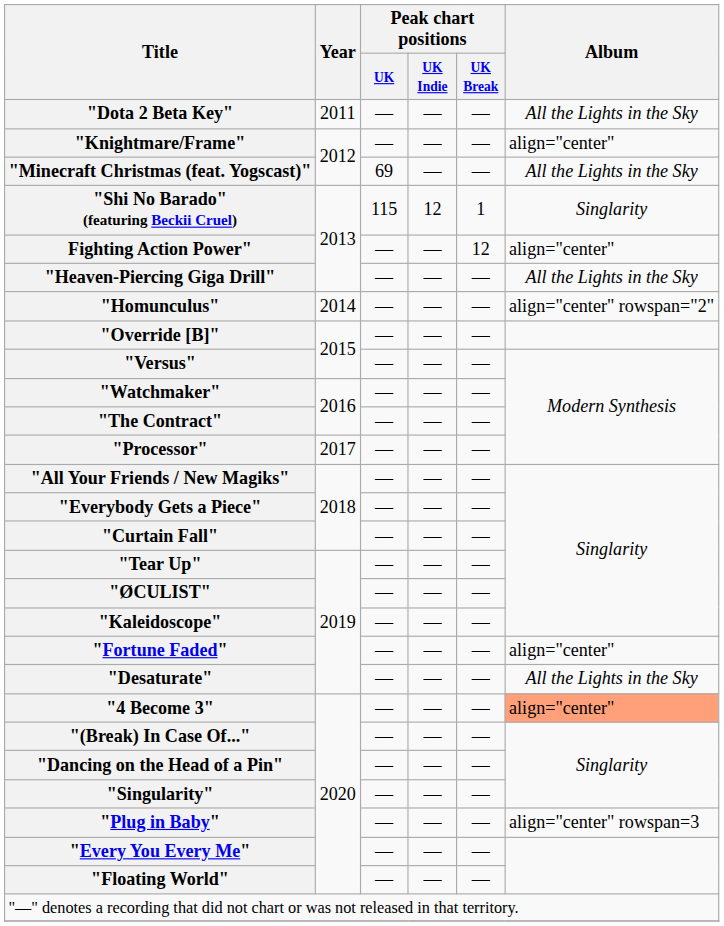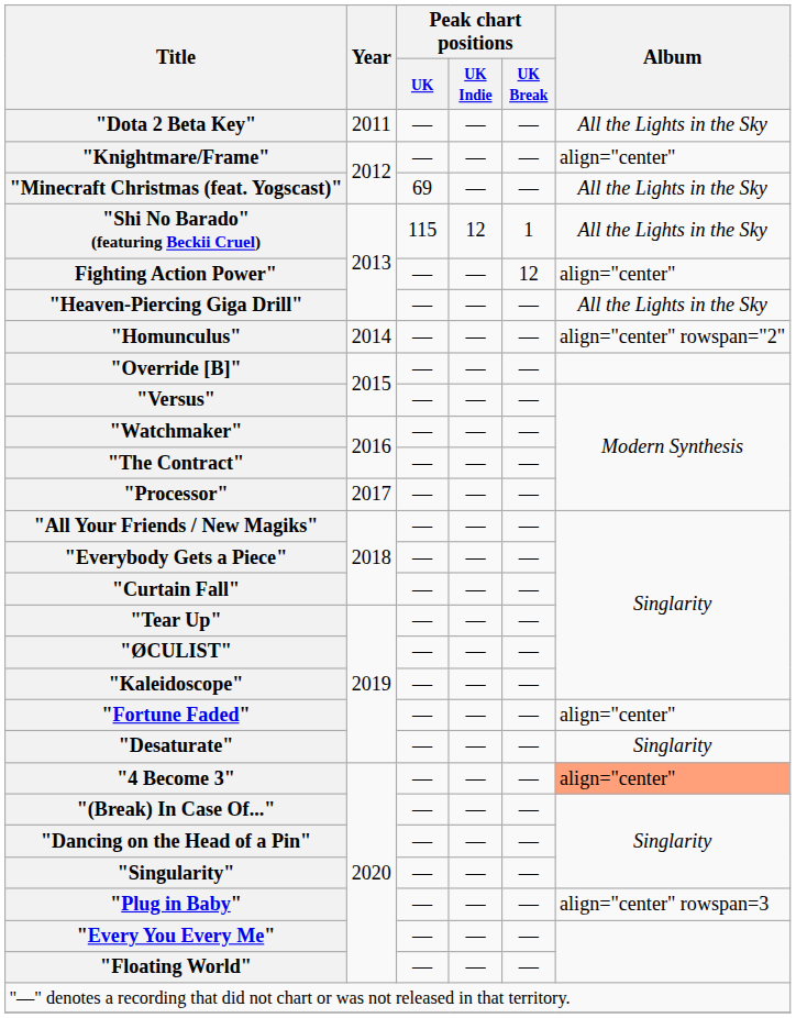 <table class="wikitable plainrowheaders">
 <tr>
 <th rowspan="2">Title</th>
 <th rowspan="2" style="width:1em;">Year</th>
 <th colspan="3">Peak chart positions</th>
 <th rowspan="2">Album</th>
 </tr>
 <tr>
 <th scope="col" style="width:2.5em;font-size:90%;"><small><a href='#'>UK</a></small><br></th>
 <th scope="col" style="width:2.5em;font-size:90%;"><small><a href='#'>UK<br>Indie</a></small></th>
 <th scope="col" style="width:2.5em;font-size:90%;"><small><a href='#'>UK<br>Break</a><br></small></th>
 </tr>
 <tr>
 <th scope="row">"Dota 2 Beta Key"</th>
 <td align="center">2011</td>
 <td align="center">—</td>
 <td align="center">—</td>
 <td align="center">—</td>
 <td align="center"><em>All the Lights in the Sky</em></td>
 </tr>
 <tr>
 <th scope="row">"Knightmare/Frame"</th>
 <td align="center" rowspan="2">2012</td>
 <td align="center">—</td>
 <td align="center">—</td>
 <td align="center">—</td>
 <td>align="center" </td>
 </tr>
 <tr>
 <th scope="row">"Minecraft Christmas (feat. Yogscast)"</th>
 <td align="center">69</td>
 <td align="center">—</td>
 <td align="center">—</td>
 <td align="center" rowspan="1"><em>All the Lights in the Sky</em></td>
 </tr>
 <tr>
 <th scope="row">"Shi No Barado"<br><small>(featuring <a href='#'>Beckii Cruel</a>)</small></th>
 <td align="center" rowspan="3">2013</td>
 <td align="center">115</td>
 <td align="center">12</td>
 <td align="center">1</td>
-<td align="center"><em>Singlarity</em></td>
+<td align="center"><em>All the Lights in the Sky</em></td>
 </tr>
 <tr>
 <th scope="row"> Fighting Action Power"</th>
 <td align="center">—</td>
 <td align="center">—</td>
 <td align="center">12</td>
 <td>align="center" </td>
 </tr>
 <tr>
 <th scope="row">"Heaven-Piercing Giga Drill"</th>
 <td align="center">—</td>
 <td align="center">—</td>
 <td align="center">—</td>
 <td align="center"><em>All the Lights in the Sky</em></td>
 </tr>
 <tr>
 <th scope="row">"Homunculus"</th>
 <td>2014</td>
 <td align="center">—</td>
 <td align="center">—</td>
 <td align="center">—</td>
 <td>align="center" rowspan="2"</td>
 </tr>
 <tr>
 <th scope="row">"Override [B]"</th>
 <td align="center" rowspan="2">2015</td>
 <td align="center">—</td>
 <td align="center">—</td>
 <td align="center">—</td>
 </tr>
 <tr>
 <th scope="row">"Versus"</th>
 <td align="center">—</td>
 <td align="center">—</td>
 <td align="center">—</td>
 <td align="center" rowspan="4"><em>Modern Synthesis</em></td>
 </tr>
 <tr>
 <th scope="row">"Watchmaker"</th>
 <td align="center" rowspan="2">2016</td>
 <td align="center">—</td>
 <td align="center">—</td>
 <td align="center">—</td>
 </tr>
 <tr>
 <th scope="row">"The Contract"</th>
 <td align="center">—</td>
 <td align="center">—</td>
 <td align="center">—</td>
 </tr>
 <tr>
 <th scope="row">"Processor"</th>
 <td align="center" rowspan="1">2017</td>
 <td align="center">—</td>
 <td align="center">—</td>
 <td align="center">—</td>
 </tr>
 <tr>
 <th scope="row">"All Your Friends / New Magiks"</th>
 <td align="center" rowspan="3">2018</td>
 <td align="center">—</td>
 <td align="center">—</td>
 <td align="center">—</td>
 <td align="center" rowspan=6><em>Singlarity</em></td>
 </tr>
 <tr>
 <th scope="row">"Everybody Gets a Piece"</th>
 <td align="center">—</td>
 <td align="center">—</td>
 <td align="center">—</td>
 </tr>
 <tr>
 <th scope="row">"Curtain Fall"</th>
 <td align="center">—</td>
 <td align="center">—</td>
 <td align="center">—</td>
 </tr>
 <tr>
 <th scope="row">"Tear Up"</th>
 <td align="center" rowspan="5">2019</td>
 <td align="center">—</td>
 <td align="center">—</td>
 <td align="center">—</td>
 </tr>
 <tr>
 <th scope="row">"ØCULIST"</th>
 <td align="center">—</td>
 <td align="center">—</td>
 <td align="center">—</td>
 </tr>
 <tr>
 <th scope="row">"Kaleidoscope"</th>
 <td align="center">—</td>
 <td align="center">—</td>
 <td align="center">—</td>
 </tr>
 <tr>
 <th scope="row">"<a href='#'>Fortune Faded</a>"</th>
 <td align="center">—</td>
 <td align="center">—</td>
 <td align="center">—</td>
 <td>align="center" </td>
 </tr>
 <tr>
 <th scope="row">"Desaturate"</th>
 <td align="center">—</td>
 <td align="center">—</td>
 <td align="center">—</td>
-<td align="center"><em>All the Lights in the Sky</em></td>
+<td align="center"><em>Singlarity</em></td>
 </tr>
 <tr>
 <th scope="row">"4 Become 3"</th>
 <td align="center" rowspan="7">2020</td>
 <td align="center">—</td>
 <td align="center">—</td>
 <td align="center">—</td>
 <td style="background: lightsalmon;">align="center" </td>
 </tr>
 <tr>
 <th scope="row">"(Break) In Case Of..."</th>
 <td align="center">—</td>
 <td align="center">—</td>
 <td align="center">—</td>
 <td align="center" rowspan=3><em>Singlarity</em></td>
 </tr>
 <tr>
 <th scope="row">"Dancing on the Head of a Pin"</th>
 <td align="center">—</td>
 <td align="center">—</td>
 <td align="center">—</td>
 </tr>
 <tr>
 <th scope="row">"Singularity"</th>
 <td align="center">—</td>
 <td align="center">—</td>
 <td align="center">—</td>
 </tr>
 <tr>
 <th scope="row">"<a href='#'>Plug in Baby</a>"</th>
 <td align="center">—</td>
 <td align="center">—</td>
 <td align="center">—</td>
 <td>align="center" rowspan=3</td>
 </tr>
 <tr>
 <th scope="row">"<a href='#'>Every You Every Me</a>"</th>
 <td align="center">—</td>
 <td align="center">—</td>
 <td align="center">—</td>
 </tr>
 <tr>
 <th scope="row">"Floating World"</th>
 <td align="center">—</td>
 <td align="center">—</td>
 <td align="center">—</td>
 </tr>
 <tr>
 <td align="centre" colspan="12" style="font-size:90%">"—" denotes a recording that did not chart or was not released in that territory.<br></td>
 </tr>
 <tr>
 </tr>
 </table>
